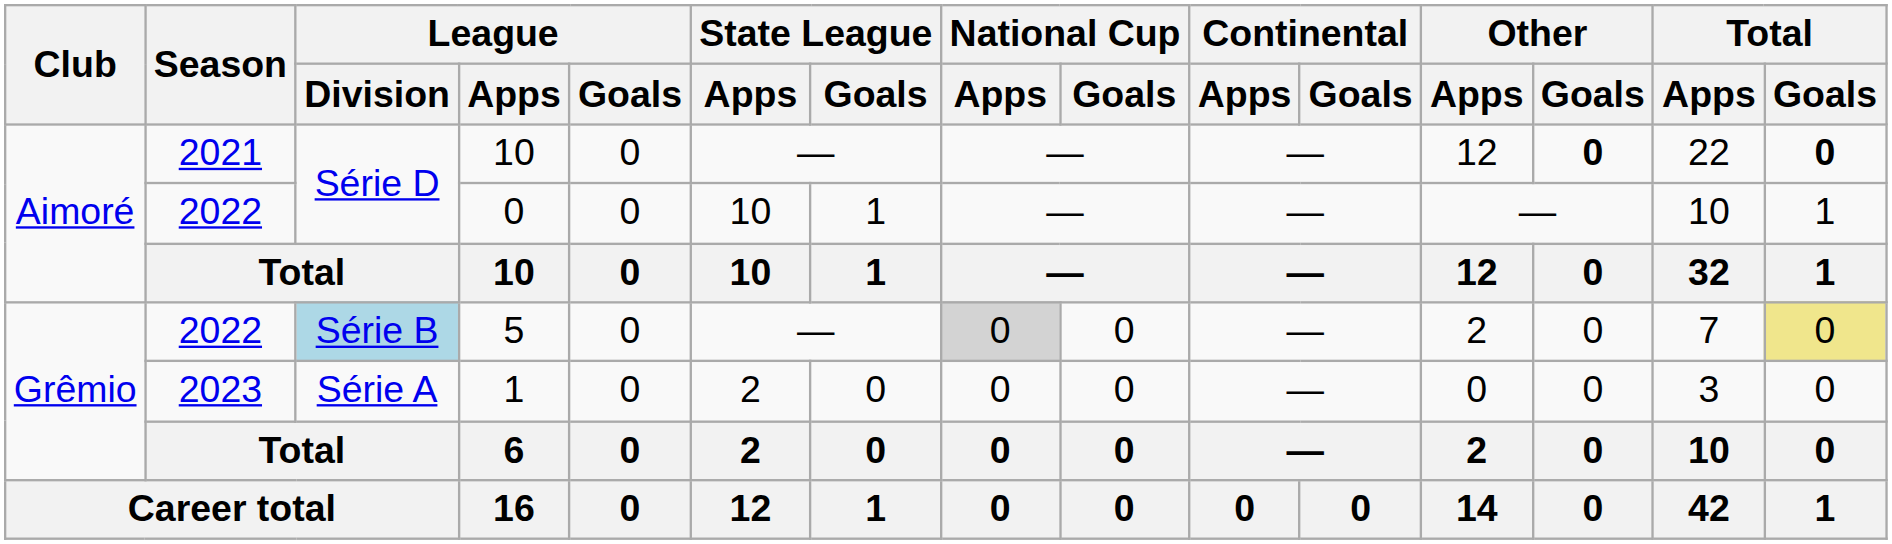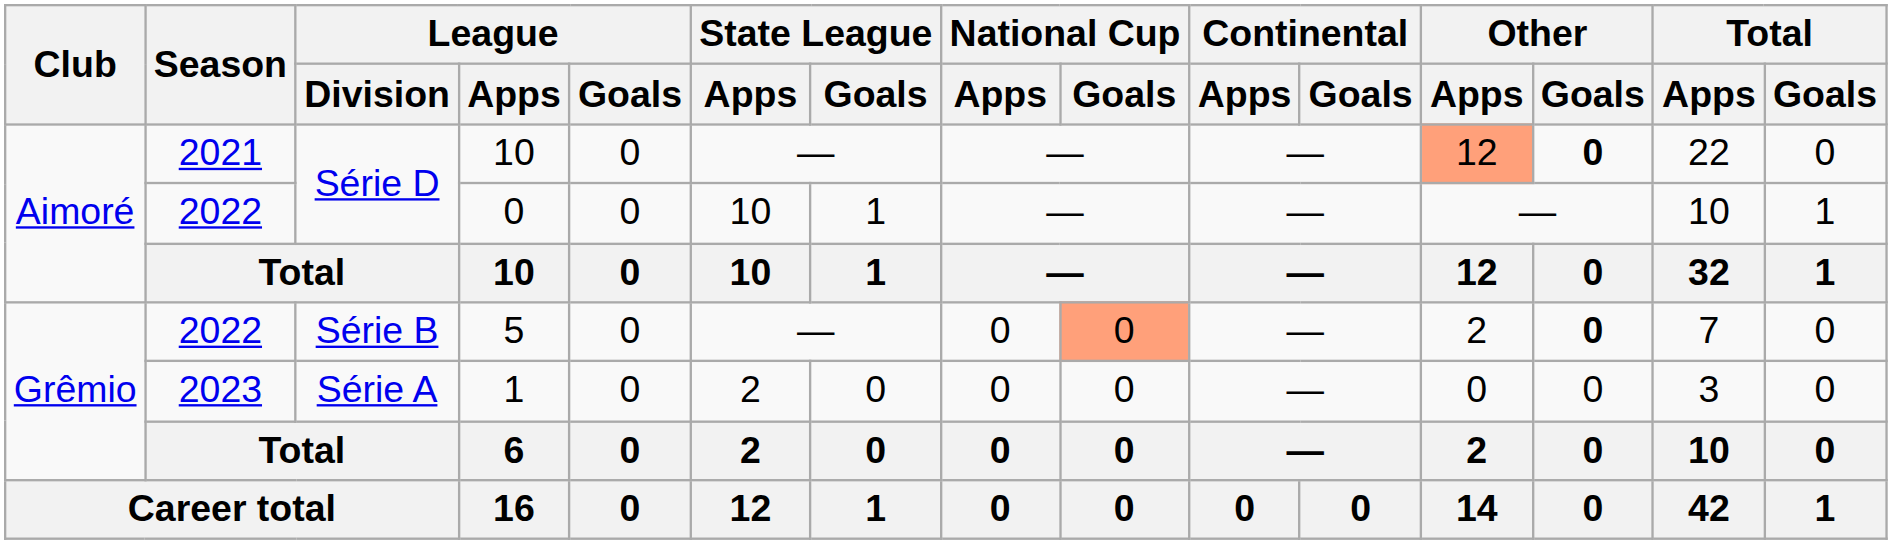 <table class="wikitable" style="text-align:center">
 <tr>
 <th rowspan="2">Club</th>
 <th rowspan="2">Season</th>
 <th colspan="3">League</th>
 <th colspan="2">State League</th>
 <th colspan="2">National Cup</th>
 <th colspan="2">Continental</th>
 <th colspan="2">Other</th>
 <th colspan="2">Total</th>
 </tr>
 <tr>
 <th>Division</th>
 <th>Apps</th>
 <th>Goals</th>
 <th>Apps</th>
 <th>Goals</th>
 <th>Apps</th>
 <th>Goals</th>
 <th>Apps</th>
 <th>Goals</th>
 <th>Apps</th>
 <th>Goals</th>
 <th>Apps</th>
 <th>Goals</th>
 </tr>
 <tr>
 <td rowspan="3"><a href='#'>Aimoré</a></td>
 <td><a href='#'>2021</a></td>
 <td rowspan="2"><a href='#'>Série D</a></td>
 <td>10</td>
 <td>0</td>
 <td colspan="2">—</td>
 <td colspan="2">—</td>
 <td colspan="2">—</td>
-<td>12</td>
+<td style="background: lightsalmon;">12</td>
 <td><strong>0</strong></td>
 <td>22</td>
-<td><strong>0</strong></td>
+<td>0</td>
 </tr>
 <tr>
 <td><a href='#'>2022</a></td>
 <td>0</td>
 <td>0</td>
 <td>10</td>
 <td>1</td>
 <td colspan="2">—</td>
 <td colspan="2">—</td>
 <td colspan="2">—</td>
 <td>10</td>
 <td>1</td>
 </tr>
 <tr>
 <th colspan="2">Total</th>
 <th>10</th>
 <th>0</th>
 <th>10</th>
 <th>1</th>
 <th colspan="2">—</th>
 <th colspan="2">—</th>
 <th>12</th>
 <th>0</th>
 <th>32</th>
 <th>1</th>
 </tr>
 <tr>
 <td rowspan="3"><a href='#'>Grêmio</a></td>
 <td><a href='#'>2022</a></td>
-<td style="background: lightblue;"><a href='#'>Série B</a></td>
+<td><a href='#'>Série B</a></td>
 <td>5</td>
 <td>0</td>
 <td colspan="2">—</td>
-<td style="background: lightgrey;">0</td>
 <td>0</td>
+<td style="background: lightsalmon;">0</td>
 <td colspan="2">—</td>
 <td>2</td>
+<td><strong>0</strong></td>
+<td>7</td>
 <td>0</td>
-<td>7</td>
-<td style="background: khaki;">0</td>
 </tr>
 <tr>
 <td><a href='#'>2023</a></td>
 <td><a href='#'>Série A</a></td>
 <td>1</td>
 <td>0</td>
 <td>2</td>
 <td>0</td>
 <td>0</td>
 <td>0</td>
 <td colspan="2">—</td>
 <td>0</td>
 <td>0</td>
 <td>3</td>
 <td>0</td>
 </tr>
 <tr>
 <th colspan="2">Total</th>
 <th>6</th>
 <th>0</th>
 <th>2</th>
 <th>0</th>
 <th>0</th>
 <th>0</th>
 <th colspan="2">—</th>
 <th>2</th>
 <th>0</th>
 <th>10</th>
 <th>0</th>
 </tr>
 <tr>
 <th colspan="3">Career total</th>
 <th>16</th>
 <th>0</th>
 <th>12</th>
 <th>1</th>
 <th>0</th>
 <th>0</th>
 <th>0</th>
 <th>0</th>
 <th>14</th>
 <th>0</th>
 <th>42</th>
 <th>1</th>
 </tr>
 </table>
